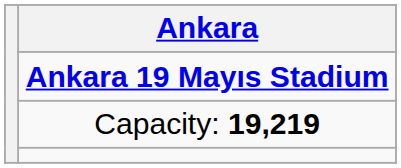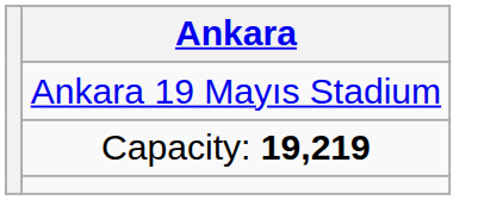 <table class="wikitable" style="text-align:center">
 <tr>
 <th rowspan=4></th>
 <th><a href='#'>Ankara</a></th>
 </tr>
 <tr>
-<td><strong><a href='#'>Ankara 19 Mayıs Stadium</a></strong></td>
+<td><a href='#'>Ankara 19 Mayıs Stadium</a></td>
 </tr>
 <tr>
 <td>Capacity: <strong>19,219</strong></td>
 </tr>
 <tr>
 <td></td>
 </tr>
 </table>
